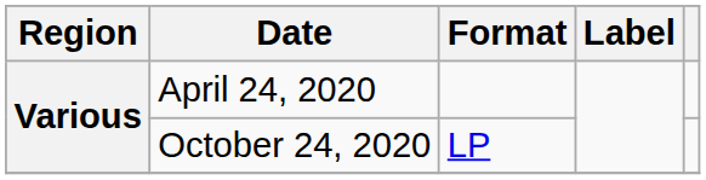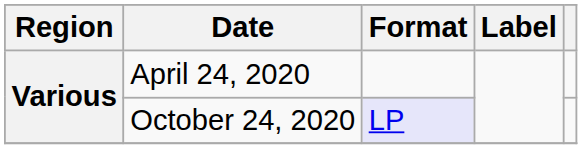 <table class="wikitable plainrowheaders">
 <tr>
 <th scope="col">Region</th>
 <th scope="col">Date</th>
 <th scope="col">Format</th>
 <th scope="col">Label</th>
 <th scope="col"></th>
 </tr>
 <tr>
 <th scope="row" rowspan="2">Various</th>
 <td>April 24, 2020</td>
 <td></td>
 <td rowspan="2"></td>
 <td></td>
 </tr>
 <tr>
 <td>October 24, 2020</td>
-<td><a href='#'>LP</a></td>
+<td style="background: lavender;"><a href='#'>LP</a></td>
 <td></td>
 </tr>
 <tr>
 </tr>
 </table>
